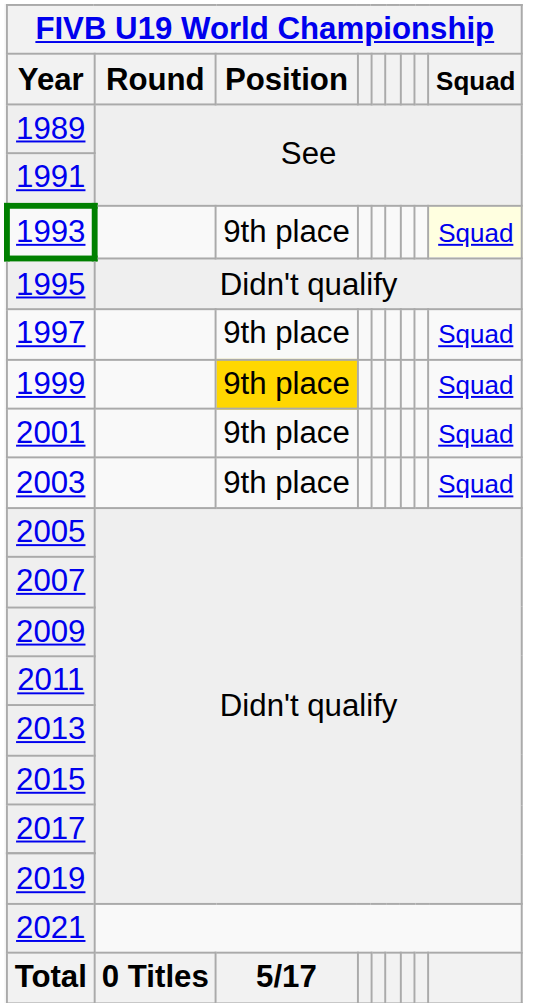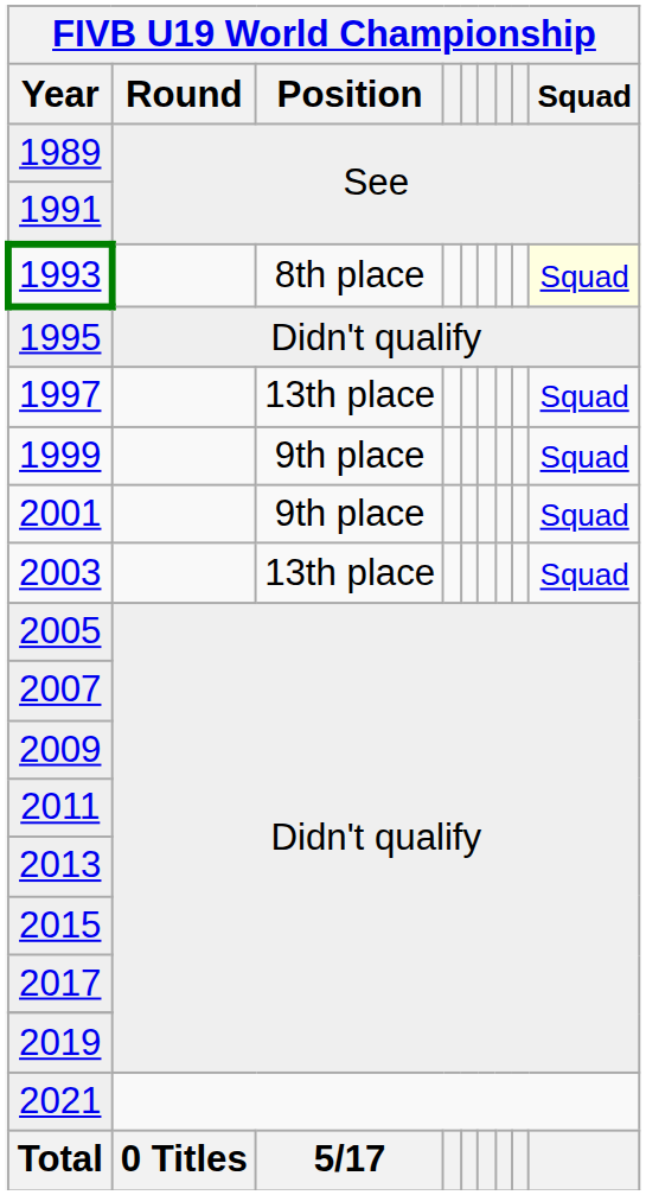 <table class="wikitable" style="text-align: center;">
 <tr>
 <th colspan=9><a href='#'>FIVB U19 World Championship</a></th>
 </tr>
 <tr>
 <th>Year</th>
 <th>Round</th>
 <th>Position</th>
 <th></th>
 <th></th>
 <th></th>
 <th></th>
 <th></th>
 <th><small>Squad</small></th>
 </tr>
 <tr bgcolor="efefef">
 <td> <a href='#'>1989</a></td>
 <td colspan=9 rowspan=2>See </td>
 </tr>
 <tr bgcolor="efefef">
 <td> <a href='#'>1991</a></td>
 </tr>
 <tr>
 <td style="border:3px solid green"> <a href='#'>1993</a></td>
 <td></td>
-<td>9th place</td>
+<td>8th place</td>
 <td></td>
 <td></td>
 <td></td>
 <td></td>
 <td></td>
 <td style="background: lightyellow;"><small><a href='#'>Squad</a></small></td>
 </tr>
 <tr bgcolor="efefef">
 <td> <a href='#'>1995</a></td>
 <td colspan=9>Didn't qualify</td>
 </tr>
 <tr>
 <td> <a href='#'>1997</a></td>
 <td></td>
-<td>9th place</td>
+<td>13th place</td>
 <td></td>
 <td></td>
 <td></td>
 <td></td>
 <td></td>
 <td><small><a href='#'>Squad</a></small></td>
 </tr>
 <tr>
 <td> <a href='#'>1999</a></td>
 <td></td>
-<td style="background: gold;">9th place</td>
+<td>9th place</td>
 <td></td>
 <td></td>
 <td></td>
 <td></td>
 <td></td>
 <td><small><a href='#'>Squad</a></small></td>
 </tr>
 <tr>
 <td> <a href='#'>2001</a></td>
 <td></td>
 <td>9th place</td>
 <td></td>
 <td></td>
 <td></td>
 <td></td>
 <td></td>
 <td><small><a href='#'>Squad</a></small></td>
 </tr>
 <tr>
 <td> <a href='#'>2003</a></td>
 <td></td>
-<td>9th place</td>
+<td>13th place</td>
 <td></td>
 <td></td>
 <td></td>
 <td></td>
 <td></td>
 <td><small><a href='#'>Squad</a></small></td>
 </tr>
 <tr bgcolor="efefef">
 <td> <a href='#'>2005</a></td>
 <td colspan=9 rowspan=9>Didn't qualify</td>
 </tr>
 <tr bgcolor="efefef">
 <td> <a href='#'>2007</a></td>
 </tr>
 <tr bgcolor="efefef">
 <td> <a href='#'>2009</a></td>
 </tr>
 <tr bgcolor="efefef">
 <td> <a href='#'>2011</a></td>
 </tr>
 <tr bgcolor="efefef">
 <td> <a href='#'>2013</a></td>
 </tr>
 <tr bgcolor="efefef">
 <td> <a href='#'>2015</a></td>
 </tr>
 <tr bgcolor="efefef">
 <td> <a href='#'>2017</a></td>
 </tr>
 <tr>
 </tr>
 <tr bgcolor="efefef">
 <td> <a href='#'>2019</a></td>
 </tr>
 <tr bgcolor="efefef">
 <td> <a href='#'>2021</a></td>
 </tr>
 <tr>
 <th>Total</th>
 <th>0 Titles</th>
 <th>5/17</th>
 <th></th>
 <th></th>
 <th></th>
 <th></th>
 <th></th>
 <th></th>
 </tr>
 </table>
